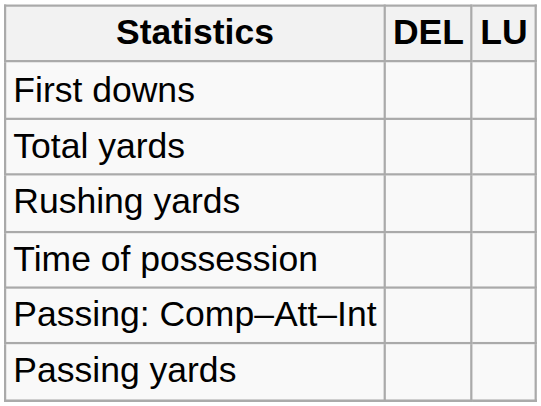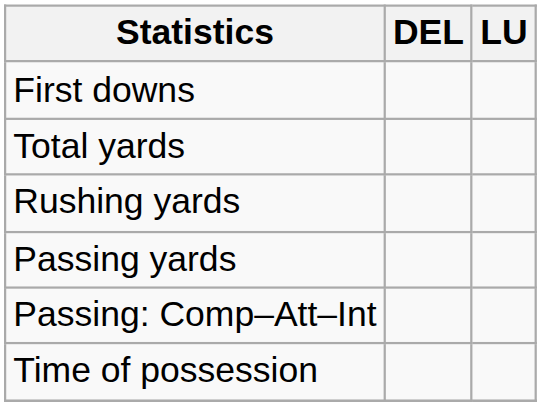 <table class="wikitable" style="float: left;">
 <tr>
 <th>Statistics</th>
 <th>DEL</th>
 <th>LU</th>
 </tr>
 <tr>
 <td>First downs</td>
 <td></td>
 <td></td>
 </tr>
 <tr>
 <td>Total yards</td>
 <td></td>
 <td></td>
 </tr>
 <tr>
 <td>Rushing yards</td>
 <td></td>
 <td></td>
 </tr>
 <tr>
-<td>Time of possession</td>
+<td>Passing yards</td>
 <td></td>
 <td></td>
 </tr>
 <tr>
 <td>Passing: Comp–Att–Int</td>
 <td></td>
 <td></td>
 </tr>
 <tr>
-<td>Passing yards</td>
+<td>Time of possession</td>
 <td></td>
 <td></td>
 </tr>
 <tr>
 </tr>
 </table>
